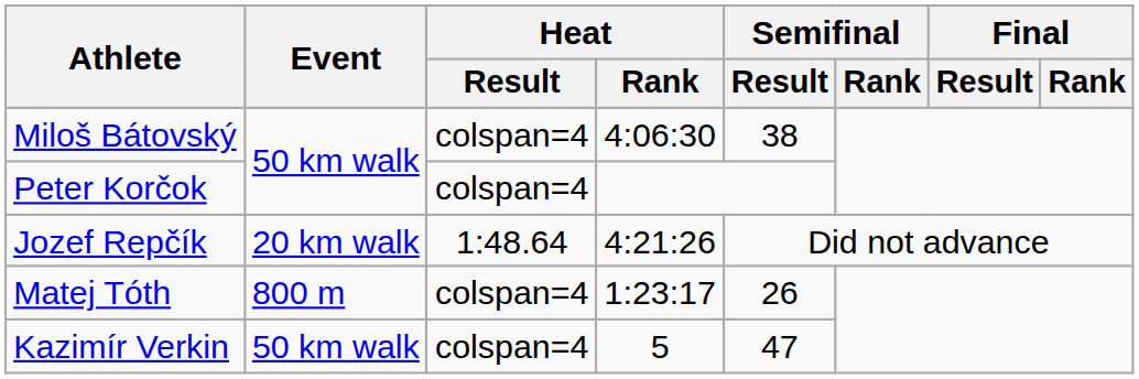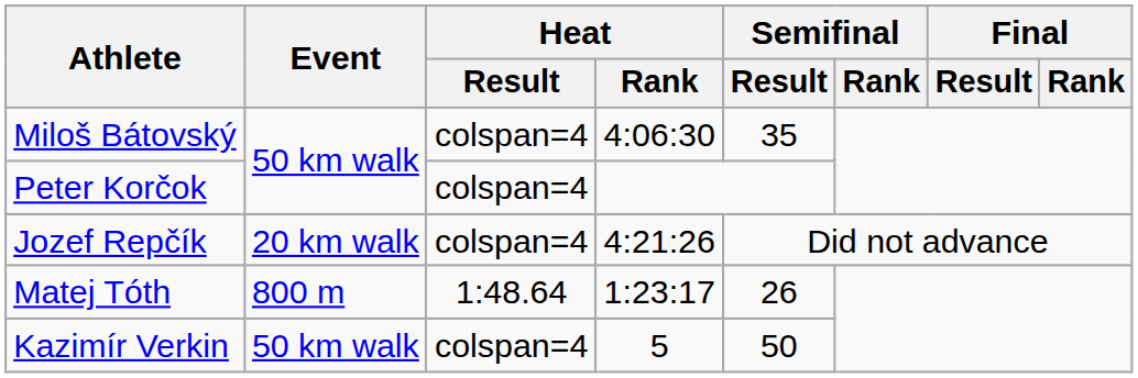 <table class=wikitable style="font-size:90%">
 <tr>
 <th rowspan="2">Athlete</th>
 <th rowspan="2">Event</th>
 <th colspan="2">Heat</th>
 <th colspan="2">Semifinal</th>
 <th colspan="2">Final</th>
 </tr>
 <tr style="font-size:95%">
 <th>Result</th>
 <th>Rank</th>
 <th>Result</th>
 <th>Rank</th>
 <th>Result</th>
 <th>Rank</th>
 </tr>
 <tr align=center>
 <td align=left><a href='#'>Miloš Bátovský</a></td>
 <td align=left rowspan=2><a href='#'>50 km walk</a></td>
 <td>colspan=4 </td>
 <td>4:06:30</td>
-<td>38</td>
+<td>35</td>
 </tr>
 <tr align=center>
 <td align=left><a href='#'>Peter Korčok</a></td>
 <td>colspan=4 </td>
 <td colspan=2></td>
 </tr>
 <tr align=center>
 <td align=left><a href='#'>Jozef Repčík</a></td>
 <td align=left><a href='#'>20 km walk</a></td>
-<td>1:48.64</td>
+<td>colspan=4 </td>
 <td>4:21:26</td>
 <td colspan=4>Did not advance</td>
 </tr>
 <tr align=center>
 <td align=left><a href='#'>Matej Tóth</a></td>
 <td align=left><a href='#'>800 m</a></td>
-<td>colspan=4 </td>
+<td>1:48.64</td>
 <td>1:23:17</td>
 <td>26</td>
 </tr>
 <tr align=center>
 <td align=left><a href='#'>Kazimír Verkin</a></td>
 <td align=left><a href='#'>50 km walk</a></td>
 <td>colspan=4 </td>
 <td>5</td>
-<td>47</td>
+<td>50</td>
 </tr>
 </table>
